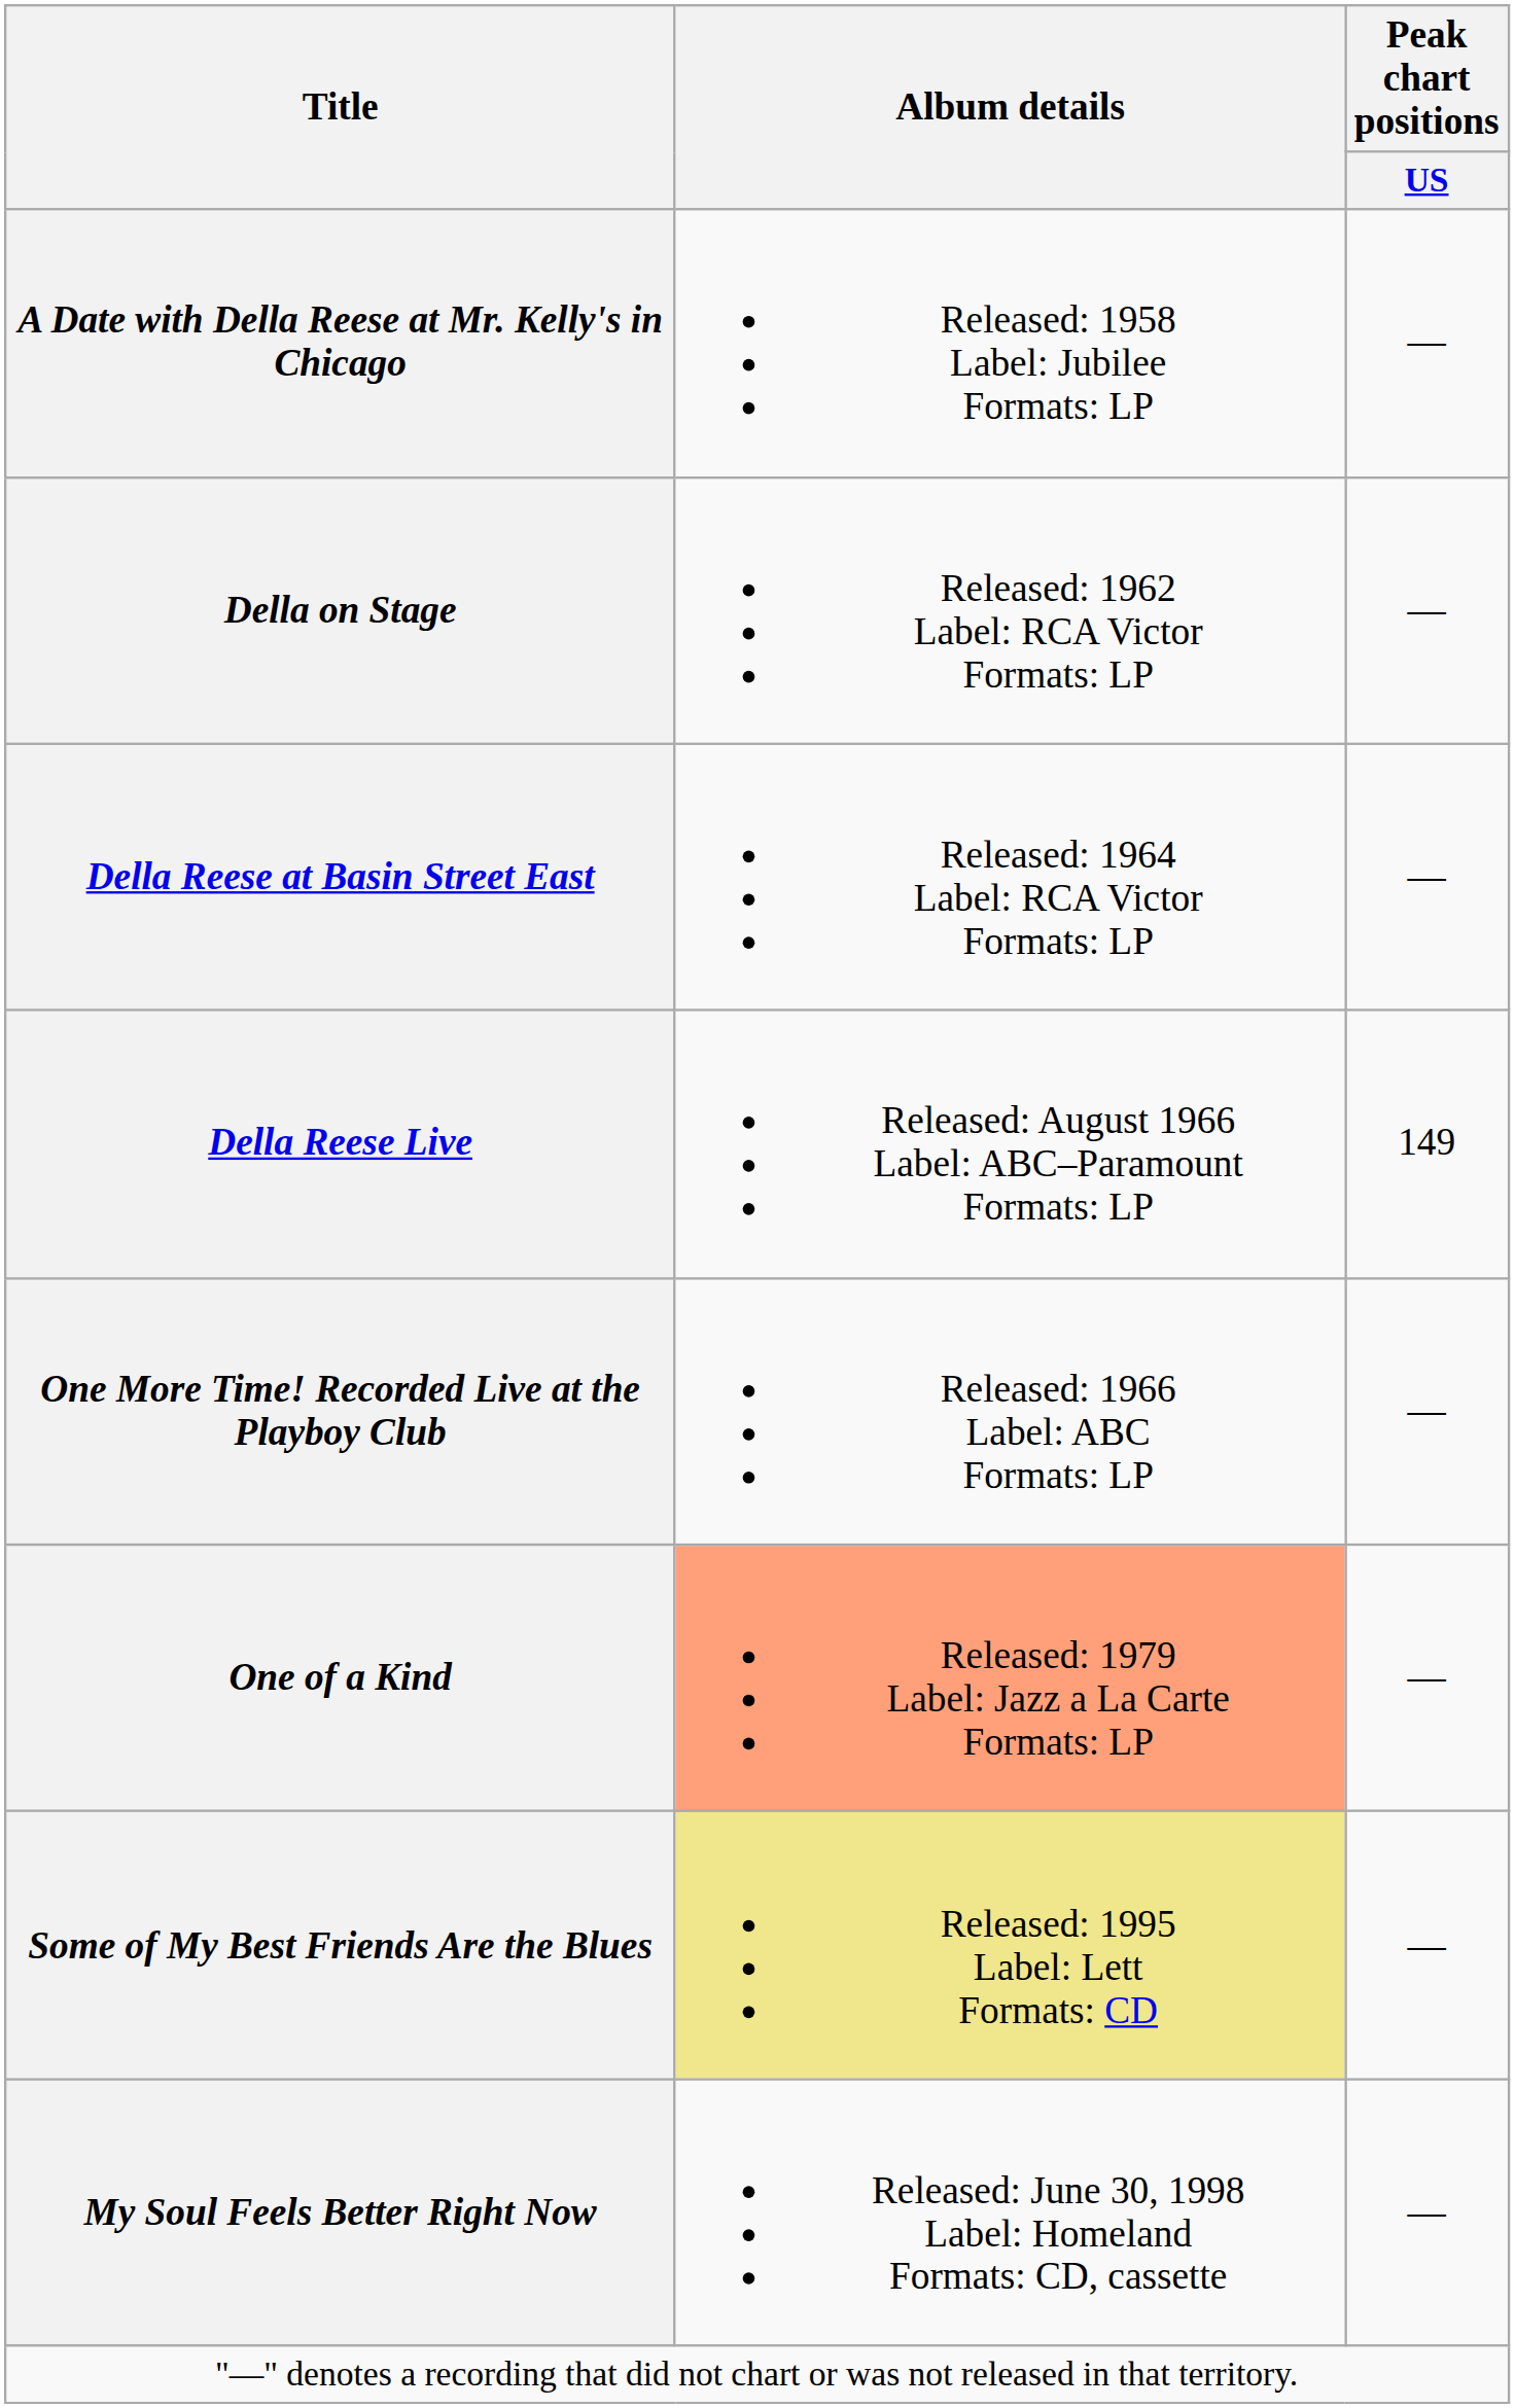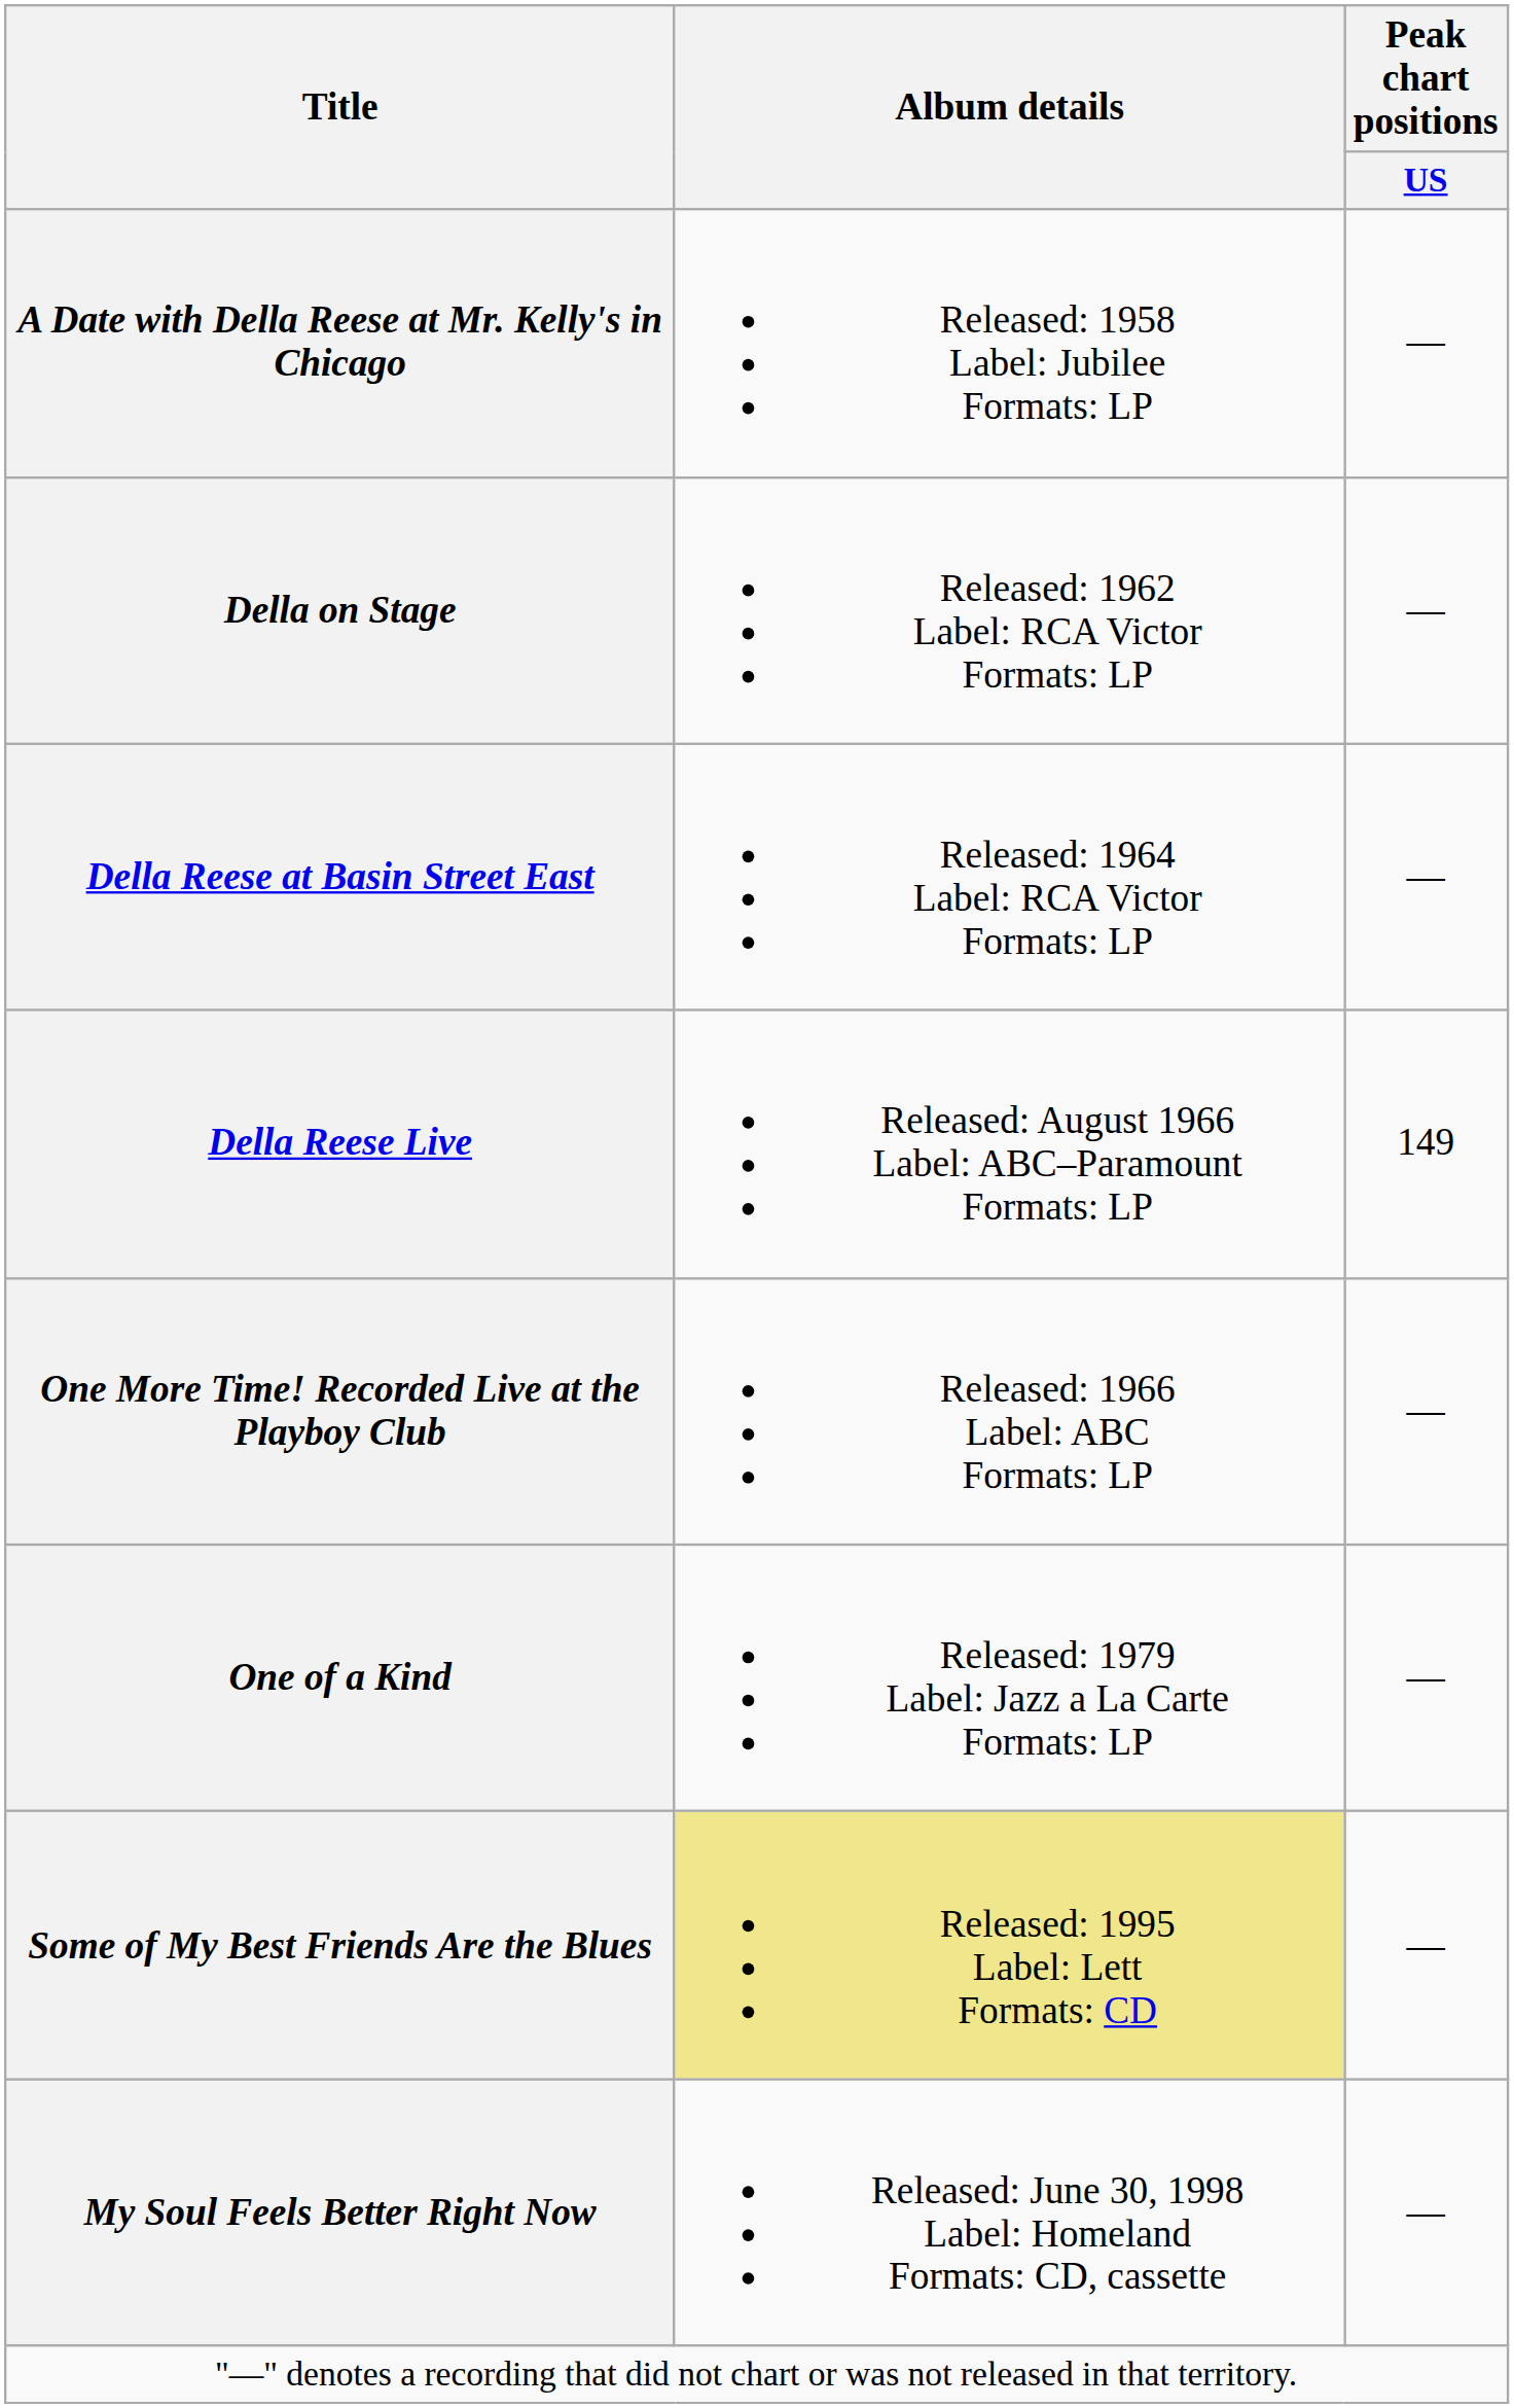 <table class="wikitable plainrowheaders" style="text-align:center;">
 <tr>
 <th scope="col" rowspan="2" style="width:17em;">Title</th>
 <th scope="col" rowspan="2" style="width:17em;">Album details</th>
 <th scope="col" colspan="2">Peak chart<br>positions</th>
 </tr>
 <tr>
 <th scope="col" style="width:3em;font-size:90%;"><a href='#'>US</a><br></th>
 </tr>
 <tr>
 <th scope="row"><em>A Date with Della Reese at Mr. Kelly's in Chicago</em></th>
 <td><br><ul><li>Released: 1958</li><li>Label: Jubilee</li><li>Formats: LP</li></ul></td>
 <td>—</td>
 </tr>
 <tr>
 <th scope="row"><em>Della on Stage</em></th>
 <td><br><ul><li>Released: 1962</li><li>Label: RCA Victor</li><li>Formats: LP</li></ul></td>
 <td>—</td>
 </tr>
 <tr>
 <th scope="row"><em><a href='#'>Della Reese at Basin Street East</a></em></th>
 <td><br><ul><li>Released: 1964</li><li>Label: RCA Victor</li><li>Formats: LP</li></ul></td>
 <td>—</td>
 </tr>
 <tr>
 <th scope="row"><em><a href='#'>Della Reese Live</a></em></th>
 <td><br><ul><li>Released: August 1966</li><li>Label: ABC–Paramount</li><li>Formats: LP</li></ul></td>
 <td>149</td>
 </tr>
 <tr>
 <th scope="row"><em>One More Time! Recorded Live at the Playboy Club</em></th>
 <td><br><ul><li>Released: 1966</li><li>Label: ABC</li><li>Formats: LP</li></ul></td>
 <td>—</td>
 </tr>
 <tr>
 <th scope="row"><em>One of a Kind</em><br></th>
-<td style="background: lightsalmon;"><br><ul><li>Released: 1979</li><li>Label: Jazz a La Carte</li><li>Formats: LP</li></ul></td>
+<td><br><ul><li>Released: 1979</li><li>Label: Jazz a La Carte</li><li>Formats: LP</li></ul></td>
 <td>—</td>
 </tr>
 <tr>
 <th scope="row"><em>Some of My Best Friends Are the Blues</em></th>
 <td style="background: khaki;"><br><ul><li>Released: 1995</li><li>Label: Lett</li><li>Formats: <a href='#'>CD</a></li></ul></td>
 <td>—</td>
 </tr>
 <tr>
 <th scope="row"><em>My Soul Feels Better Right Now</em></th>
 <td><br><ul><li>Released: June 30, 1998</li><li>Label: Homeland</li><li>Formats: CD, cassette</li></ul></td>
 <td>—</td>
 </tr>
 <tr>
 <td colspan="3" style="font-size:90%">"—" denotes a recording that did not chart or was not released in that territory.</td>
 </tr>
 </table>
